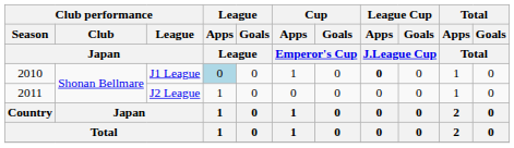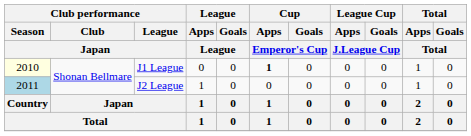 <table class="wikitable" style="text-align:center;">
 <tr>
 <th colspan=3>Club performance</th>
 <th colspan=2>League</th>
 <th colspan=2>Cup</th>
 <th colspan=2>League Cup</th>
 <th colspan=2>Total</th>
 </tr>
 <tr>
 <th>Season</th>
 <th>Club</th>
 <th>League</th>
 <th>Apps</th>
 <th>Goals</th>
 <th>Apps</th>
 <th>Goals</th>
 <th>Apps</th>
 <th>Goals</th>
 <th>Apps</th>
 <th>Goals</th>
 </tr>
 <tr>
 <th colspan=3>Japan</th>
 <th colspan=2>League</th>
 <th colspan=2><a href='#'>Emperor's Cup</a></th>
 <th colspan=2><a href='#'>J.League Cup</a></th>
 <th colspan=2>Total</th>
 </tr>
 <tr>
-<td>2010</td>
+<td style="background: lightyellow;">2010</td>
 <td rowspan="2"><a href='#'>Shonan Bellmare</a></td>
 <td><a href='#'>J1 League</a></td>
-<td style="background: lightblue;">0</td>
 <td>0</td>
-<td>1</td>
 <td>0</td>
-<td><strong>0</strong></td>
+<td><strong>1</strong></td>
+<td>0</td>
+<td>0</td>
 <td>0</td>
 <td>1</td>
 <td>0</td>
 </tr>
 <tr>
-<td>2011</td>
+<td style="background: lightblue;">2011</td>
 <td><a href='#'>J2 League</a></td>
 <td>1</td>
 <td>0</td>
 <td>0</td>
 <td>0</td>
 <td>0</td>
 <td>0</td>
 <td>1</td>
 <td>0</td>
 </tr>
 <tr>
 <th rowspan=1>Country</th>
 <th colspan=2>Japan</th>
 <th>1</th>
 <th>0</th>
 <th>1</th>
 <th>0</th>
 <th>0</th>
 <th>0</th>
 <th>2</th>
 <th>0</th>
 </tr>
 <tr>
 <th colspan=3>Total</th>
 <th>1</th>
 <th>0</th>
 <th>1</th>
 <th>0</th>
 <th>0</th>
 <th>0</th>
 <th>2</th>
 <th>0</th>
 </tr>
 <tr>
 </tr>
 </table>
